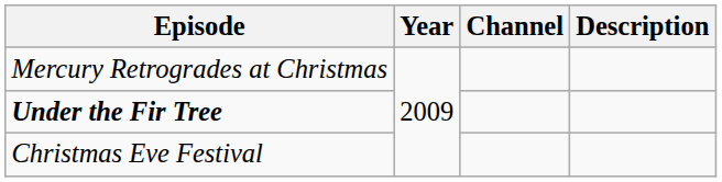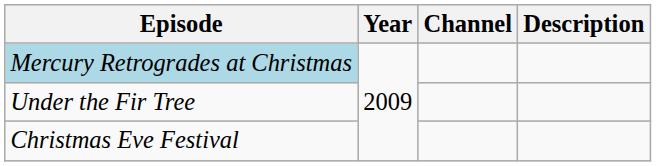 <table class="wikitable sortable">
 <tr>
 <th>Episode</th>
 <th>Year</th>
 <th>Channel</th>
 <th>Description</th>
 </tr>
 <tr>
-<td><em>Mercury Retrogrades at Christmas</em></td>
+<td style="background: lightblue;"><em>Mercury Retrogrades at Christmas</em></td>
 <td rowspan="3">2009</td>
 <td></td>
 <td></td>
 </tr>
 <tr>
-<td><strong><em>Under the Fir Tree</em></strong></td>
+<td><em>Under the Fir Tree</em></td>
 <td></td>
 <td></td>
 </tr>
 <tr>
 <td><em>Christmas Eve Festival</em></td>
 <td></td>
 <td></td>
 </tr>
 </table>
